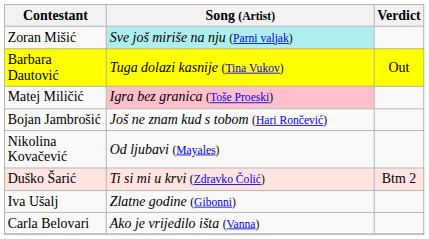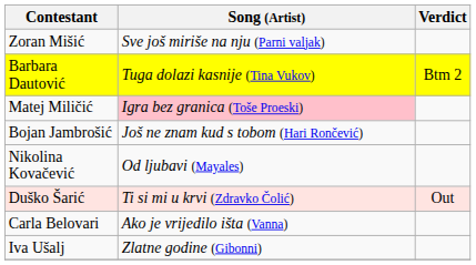 <table class="wikitable">
 <tr>
 <th width="110">Contestant</th>
 <th width="300">Song <small>(Artist)</small></th>
 <th width="28">Verdict</th>
 </tr>
 <tr>
 <td align="left">Zoran Mišić</td>
-<td align="left" style="background: paleturquoise;"><em>Sve još miriše na nju</em> <small>(<a href='#'>Parni valjak</a>)</small></td>
+<td align="left"><em>Sve još miriše na nju</em> <small>(<a href='#'>Parni valjak</a>)</small></td>
 <td align="center"></td>
 </tr>
 <tr bgcolor="yellow">
 <td align="left">Barbara Dautović</td>
 <td align="left"><em>Tuga dolazi kasnije</em> <small>(<a href='#'>Tina Vukov</a>)</small></td>
-<td align="center">Out</td>
+<td align="center">Btm 2</td>
 </tr>
 <tr>
 <td align="left">Matej Miličić</td>
 <td align="left" style="background: pink;"><em>Igra bez granica</em> <small>(<a href='#'>Toše Proeski</a>)</small></td>
 <td align="center"></td>
 </tr>
 <tr>
 <td align="left">Bojan Jambrošić</td>
 <td align="left"><em>Još ne znam kud s tobom</em> <small>(<a href='#'>Hari Rončević</a>)</small></td>
 <td align="center"></td>
 </tr>
 <tr>
 <td align="left">Nikolina Kovačević</td>
 <td align="left"><em>Od ljubavi</em> <small>(<a href='#'>Mayales</a>)</small></td>
 <td align="center"></td>
 </tr>
 <tr bgcolor="#FFE4E1">
 <td align="left">Duško Šarić</td>
 <td align="left"><em>Ti si mi u krvi</em> <small>(<a href='#'>Zdravko Čolić</a>)</small></td>
-<td align="center">Btm 2</td>
+<td align="center">Out</td>
+</tr>
+<tr>
+<td align="left">Carla Belovari</td>
+<td align="left"><em>Ako je vrijedilo išta</em> <small>(<a href='#'>Vanna</a>)</small></td>
+<td align="center"></td>
 </tr>
 <tr>
 <td align="left">Iva Ušalj</td>
 <td align="left"><em>Zlatne godine</em> <small>(<a href='#'>Gibonni</a>)</small></td>
 <td align="center"></td>
 </tr>
 <tr>
-<td align="left">Carla Belovari</td>
-<td align="left"><em>Ako je vrijedilo išta</em> <small>(<a href='#'>Vanna</a>)</small></td>
-<td align="center"></td>
-</tr>
-<tr>
 </tr>
 </table>
